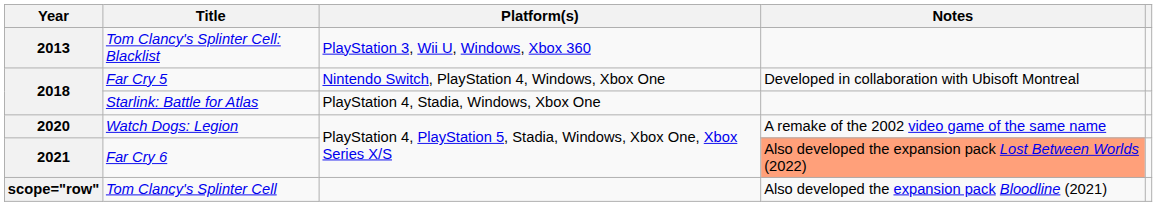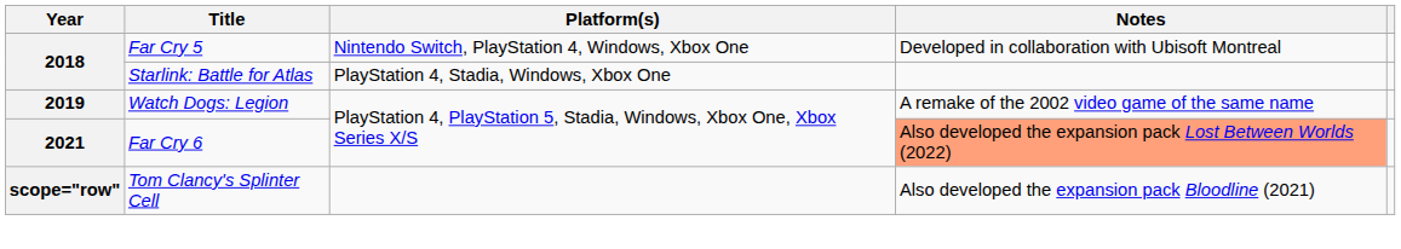 <table class="wikitable sortable plainrowheaders">
 <tr>
 <th scope="col">Year</th>
 <th scope="col">Title</th>
 <th scope="col">Platform(s)</th>
 <th scope="col" class="unsortable">Notes</th>
 <th scope="col" class="unsortable"></th>
-</tr>
-<tr>
-<th scope="row">2013</th>
-<td><em><a href='#'>Tom Clancy's Splinter Cell: Blacklist</a></em></td>
-<td><a href='#'>PlayStation 3</a>, <a href='#'>Wii U</a>, <a href='#'>Windows</a>, <a href='#'>Xbox 360</a></td>
-<td></td>
-<td></td>
 </tr>
 <tr>
 <th scope="row" rowspan="2">2018</th>
 <td><em><a href='#'>Far Cry 5</a></em></td>
 <td><a href='#'>Nintendo Switch</a>, PlayStation 4, Windows, Xbox One</td>
 <td>Developed in collaboration with Ubisoft Montreal</td>
 <td></td>
 </tr>
 <tr>
 <td><em><a href='#'>Starlink: Battle for Atlas</a></em></td>
 <td>PlayStation 4, Stadia, Windows, Xbox One</td>
 <td></td>
 <td></td>
 </tr>
 <tr>
-<th scope="row">2020</th>
+<th scope="row">2019</th>
 <td><em><a href='#'>Watch Dogs: Legion</a></em></td>
 <td rowspan="2">PlayStation 4, <a href='#'>PlayStation 5</a>, Stadia, Windows, Xbox One, <a href='#'>Xbox Series X/S</a></td>
 <td>A remake of the 2002 <a href='#'>video game of the same name</a></td>
 <td></td>
 </tr>
 <tr>
 <th scope="row">2021</th>
 <td><em><a href='#'>Far Cry 6</a></em></td>
 <td style="background: lightsalmon;">Also developed the expansion pack <em><a href='#'>Lost Between Worlds</a></em> (2022)</td>
 <td></td>
 </tr>
 <tr>
 <th>scope="row" </th>
 <td><em><a href='#'>Tom Clancy's Splinter Cell</a></em></td>
 <td></td>
 <td>Also developed the <a href='#'>expansion pack</a> <em><a href='#'>Bloodline</a></em> (2021)</td>
 <td></td>
 </tr>
 </table>
